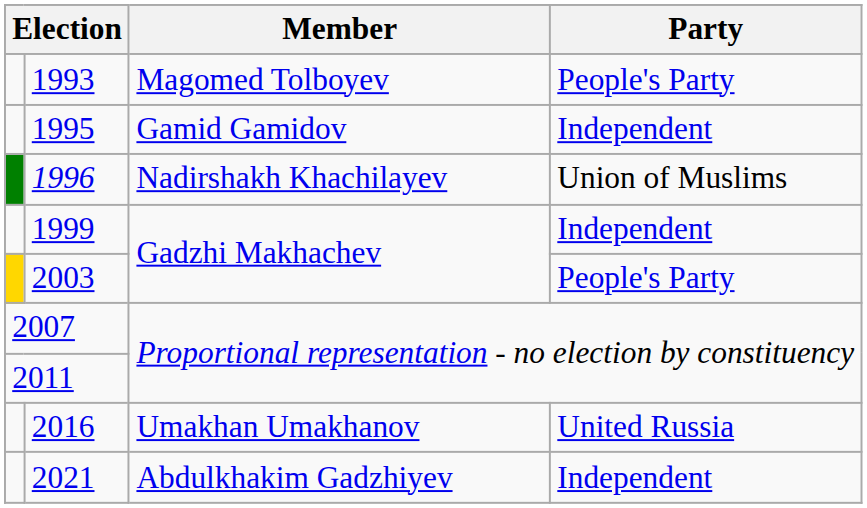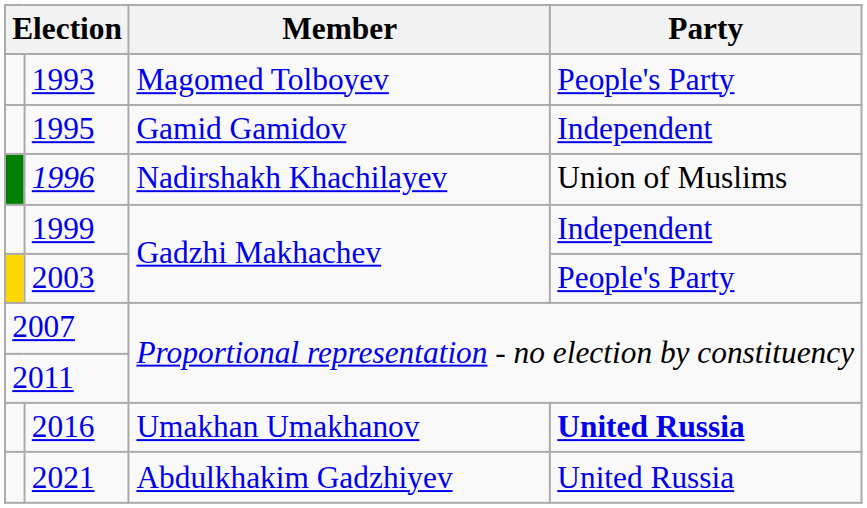 <table class="wikitable">
 <tr>
 <th colspan="2">Election</th>
 <th>Member</th>
 <th>Party</th>
 </tr>
 <tr>
 <td style="background-color:"></td>
 <td><a href='#'>1993</a></td>
 <td><a href='#'>Magomed Tolboyev</a></td>
 <td><a href='#'>People's Party</a></td>
 </tr>
 <tr>
 <td style="background-color:"></td>
 <td><a href='#'>1995</a></td>
 <td><a href='#'>Gamid Gamidov</a></td>
 <td><a href='#'>Independent</a></td>
 </tr>
 <tr>
 <td style="background-color:green"></td>
 <td><em><a href='#'>1996</a></em></td>
 <td><a href='#'>Nadirshakh Khachilayev</a></td>
 <td>Union of Muslims</td>
 </tr>
 <tr>
 <td style="background-color:"></td>
 <td><a href='#'>1999</a></td>
 <td rowspan=2><a href='#'>Gadzhi Makhachev</a></td>
 <td><a href='#'>Independent</a></td>
 </tr>
 <tr>
 <td style="background-color:#FFD700"></td>
 <td><a href='#'>2003</a></td>
 <td><a href='#'>People's Party</a></td>
 </tr>
 <tr>
 <td colspan=2><a href='#'>2007</a></td>
 <td colspan=2 rowspan=2><em><a href='#'>Proportional representation</a> - no election by constituency</em></td>
 </tr>
 <tr>
 <td colspan=2><a href='#'>2011</a></td>
 </tr>
 <tr>
 <td style="background-color: "></td>
 <td><a href='#'>2016</a></td>
 <td><a href='#'>Umakhan Umakhanov</a></td>
-<td><a href='#'>United Russia</a></td>
+<td><strong><a href='#'>United Russia</a></strong></td>
 </tr>
 <tr>
 <td style="background-color: "></td>
 <td><a href='#'>2021</a></td>
 <td><a href='#'>Abdulkhakim Gadzhiyev</a></td>
-<td><a href='#'>Independent</a></td>
+<td><a href='#'>United Russia</a></td>
 </tr>
 </table>
